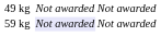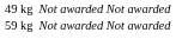 <table>
 <tr>
 <td>49 kg</td>
 <td></td>
 <td><em>Not awarded</em></td>
 <td><em>Not awarded</em></td>
 </tr>
 <tr>
 <td>59 kg</td>
 <td></td>
-<td style="background: lavender;"><em>Not awarded</em></td>
+<td><em>Not awarded</em></td>
 <td><em>Not awarded</em></td>
 </tr>
 </table>
